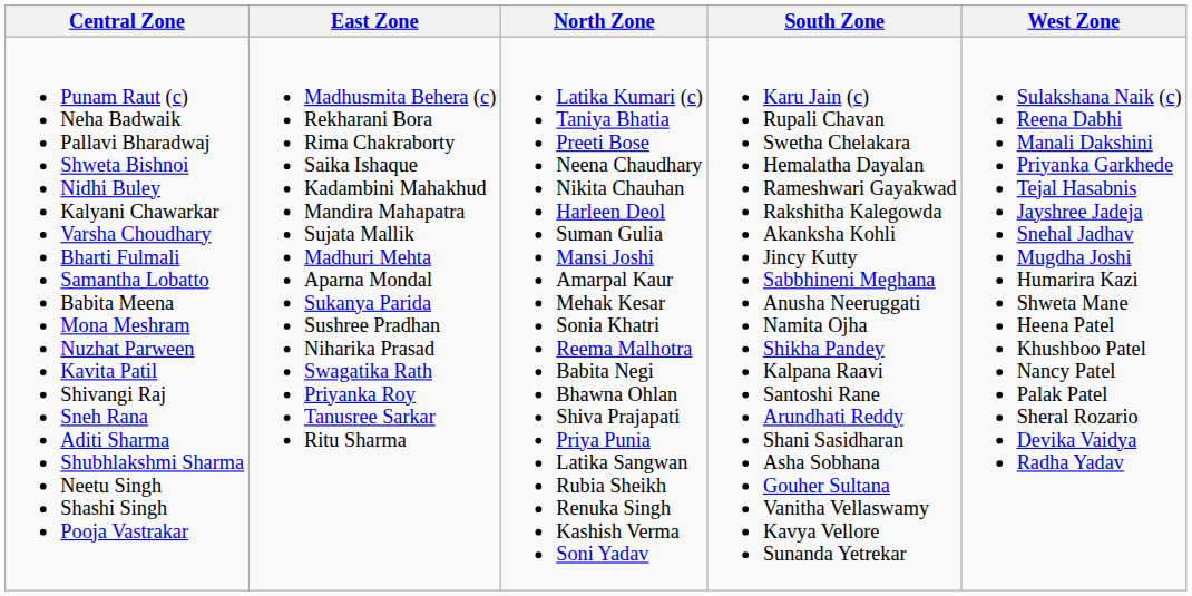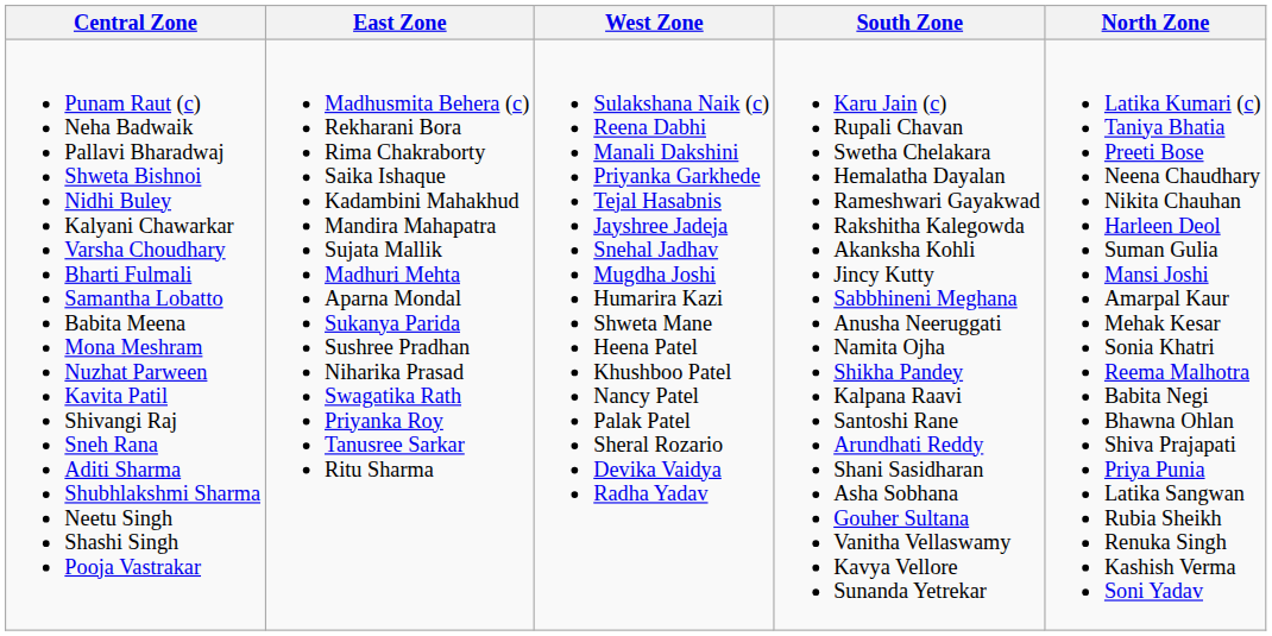 <table class="wikitable">
 <tr>
 <th><a href='#'>Central Zone</a></th>
 <th><a href='#'>East Zone</a></th>
+<th><a href='#'>West Zone</a></th>
+<th><a href='#'>South Zone</a></th>
 <th><a href='#'>North Zone</a></th>
-<th><a href='#'>South Zone</a></th>
-<th><a href='#'>West Zone</a></th>
 </tr>
 <tr>
 <td valign=top><br><ul><li><a href='#'>Punam Raut</a> (<a href='#'>c</a>)</li><li>Neha Badwaik</li><li>Pallavi Bharadwaj</li><li><a href='#'>Shweta Bishnoi</a></li><li><a href='#'>Nidhi Buley</a></li><li>Kalyani Chawarkar</li><li><a href='#'>Varsha Choudhary</a></li><li><a href='#'>Bharti Fulmali</a></li><li><a href='#'>Samantha Lobatto</a></li><li>Babita Meena</li><li><a href='#'>Mona Meshram</a></li><li><a href='#'>Nuzhat Parween</a></li><li><a href='#'>Kavita Patil</a></li><li>Shivangi Raj</li><li><a href='#'>Sneh Rana</a></li><li><a href='#'>Aditi Sharma</a></li><li><a href='#'>Shubhlakshmi Sharma</a></li><li>Neetu Singh</li><li>Shashi Singh</li><li><a href='#'>Pooja Vastrakar</a></li></ul></td>
 <td valign=top><br><ul><li><a href='#'>Madhusmita Behera</a> (<a href='#'>c</a>)</li><li>Rekharani Bora</li><li>Rima Chakraborty</li><li>Saika Ishaque</li><li>Kadambini Mahakhud</li><li>Mandira Mahapatra</li><li>Sujata Mallik</li><li><a href='#'>Madhuri Mehta</a></li><li>Aparna Mondal</li><li><a href='#'>Sukanya Parida</a></li><li>Sushree Pradhan</li><li>Niharika Prasad</li><li><a href='#'>Swagatika Rath</a></li><li><a href='#'>Priyanka Roy</a></li><li><a href='#'>Tanusree Sarkar</a></li><li>Ritu Sharma</li></ul></td>
+<td valign=top><br><ul><li><a href='#'>Sulakshana Naik</a> (<a href='#'>c</a>)</li><li><a href='#'>Reena Dabhi</a></li><li><a href='#'>Manali Dakshini</a></li><li><a href='#'>Priyanka Garkhede</a></li><li><a href='#'>Tejal Hasabnis</a></li><li><a href='#'>Jayshree Jadeja</a></li><li><a href='#'>Snehal Jadhav</a></li><li><a href='#'>Mugdha Joshi</a></li><li>Humarira Kazi</li><li>Shweta Mane</li><li>Heena Patel</li><li>Khushboo Patel</li><li>Nancy Patel</li><li>Palak Patel</li><li>Sheral Rozario</li><li><a href='#'>Devika Vaidya</a></li><li><a href='#'>Radha Yadav</a></li></ul></td>
+<td valign=top><br><ul><li><a href='#'>Karu Jain</a> (<a href='#'>c</a>)</li><li>Rupali Chavan</li><li>Swetha Chelakara</li><li>Hemalatha Dayalan</li><li>Rameshwari Gayakwad</li><li>Rakshitha Kalegowda</li><li>Akanksha Kohli</li><li>Jincy Kutty</li><li><a href='#'>Sabbhineni Meghana</a></li><li>Anusha Neeruggati</li><li>Namita Ojha</li><li><a href='#'>Shikha Pandey</a></li><li>Kalpana Raavi</li><li>Santoshi Rane</li><li><a href='#'>Arundhati Reddy</a></li><li>Shani Sasidharan</li><li>Asha Sobhana</li><li><a href='#'>Gouher Sultana</a></li><li>Vanitha Vellaswamy</li><li>Kavya Vellore</li><li>Sunanda Yetrekar</li></ul></td>
 <td valign=top><br><ul><li><a href='#'>Latika Kumari</a> (<a href='#'>c</a>)</li><li><a href='#'>Taniya Bhatia</a></li><li><a href='#'>Preeti Bose</a></li><li>Neena Chaudhary</li><li>Nikita Chauhan</li><li><a href='#'>Harleen Deol</a></li><li>Suman Gulia</li><li><a href='#'>Mansi Joshi</a></li><li>Amarpal Kaur</li><li>Mehak Kesar</li><li>Sonia Khatri</li><li><a href='#'>Reema Malhotra</a></li><li>Babita Negi</li><li>Bhawna Ohlan</li><li>Shiva Prajapati</li><li><a href='#'>Priya Punia</a></li><li>Latika Sangwan</li><li>Rubia Sheikh</li><li>Renuka Singh</li><li>Kashish Verma</li><li><a href='#'>Soni Yadav</a></li></ul></td>
-<td valign=top><br><ul><li><a href='#'>Karu Jain</a> (<a href='#'>c</a>)</li><li>Rupali Chavan</li><li>Swetha Chelakara</li><li>Hemalatha Dayalan</li><li>Rameshwari Gayakwad</li><li>Rakshitha Kalegowda</li><li>Akanksha Kohli</li><li>Jincy Kutty</li><li><a href='#'>Sabbhineni Meghana</a></li><li>Anusha Neeruggati</li><li>Namita Ojha</li><li><a href='#'>Shikha Pandey</a></li><li>Kalpana Raavi</li><li>Santoshi Rane</li><li><a href='#'>Arundhati Reddy</a></li><li>Shani Sasidharan</li><li>Asha Sobhana</li><li><a href='#'>Gouher Sultana</a></li><li>Vanitha Vellaswamy</li><li>Kavya Vellore</li><li>Sunanda Yetrekar</li></ul></td>
-<td valign=top><br><ul><li><a href='#'>Sulakshana Naik</a> (<a href='#'>c</a>)</li><li><a href='#'>Reena Dabhi</a></li><li><a href='#'>Manali Dakshini</a></li><li><a href='#'>Priyanka Garkhede</a></li><li><a href='#'>Tejal Hasabnis</a></li><li><a href='#'>Jayshree Jadeja</a></li><li><a href='#'>Snehal Jadhav</a></li><li><a href='#'>Mugdha Joshi</a></li><li>Humarira Kazi</li><li>Shweta Mane</li><li>Heena Patel</li><li>Khushboo Patel</li><li>Nancy Patel</li><li>Palak Patel</li><li>Sheral Rozario</li><li><a href='#'>Devika Vaidya</a></li><li><a href='#'>Radha Yadav</a></li></ul></td>
 </tr>
 </table>
